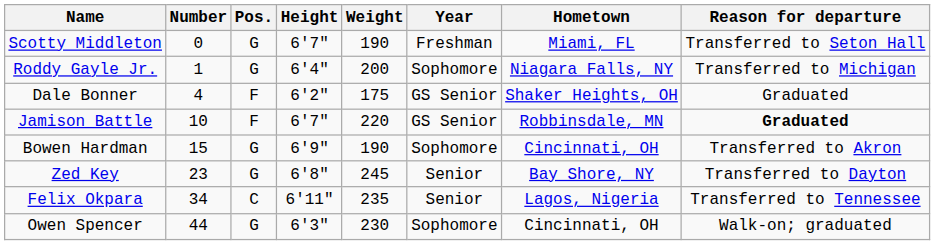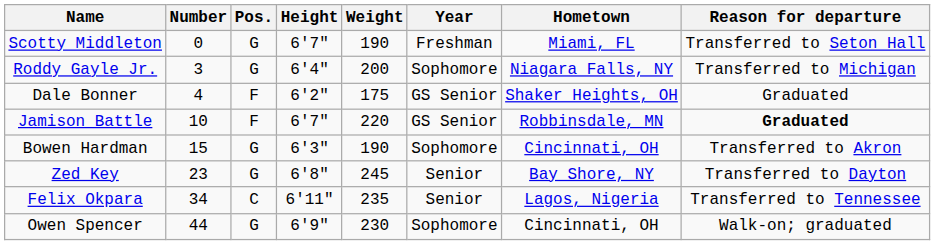 <table class="wikitable sortable sortable" style="text-align:center">
 <tr align=center>
 <th>Name</th>
 <th>Number</th>
 <th>Pos.</th>
 <th>Height</th>
 <th>Weight</th>
 <th>Year</th>
 <th>Hometown</th>
 <th class="unsortable">Reason for departure</th>
 </tr>
 <tr>
 <td><a href='#'>Scotty Middleton</a></td>
 <td>0</td>
 <td>G</td>
 <td>6'7"</td>
 <td>190</td>
 <td>Freshman</td>
 <td><a href='#'>Miami, FL</a></td>
 <td>Transferred to <a href='#'>Seton Hall</a></td>
 </tr>
 <tr>
 <td><a href='#'>Roddy Gayle Jr.</a></td>
-<td>1</td>
+<td>3</td>
 <td>G</td>
 <td>6'4"</td>
 <td>200</td>
 <td>Sophomore</td>
 <td><a href='#'>Niagara Falls, NY</a></td>
 <td>Transferred to <a href='#'>Michigan</a></td>
 </tr>
 <tr>
 <td>Dale Bonner</td>
 <td>4</td>
 <td>F</td>
 <td>6'2"</td>
 <td>175</td>
 <td>GS Senior</td>
 <td><a href='#'>Shaker Heights, OH</a></td>
 <td>Graduated</td>
 </tr>
 <tr>
 <td><a href='#'>Jamison Battle</a></td>
 <td>10</td>
 <td>F</td>
 <td>6'7"</td>
 <td>220</td>
 <td>GS Senior</td>
 <td><a href='#'>Robbinsdale, MN</a></td>
 <td><strong>Graduated</strong></td>
 </tr>
 <tr>
 <td>Bowen Hardman</td>
 <td>15</td>
 <td>G</td>
-<td>6'9"</td>
+<td>6'3"</td>
 <td>190</td>
 <td>Sophomore</td>
 <td><a href='#'>Cincinnati, OH</a></td>
 <td>Transferred to <a href='#'>Akron</a></td>
 </tr>
 <tr>
 <td><a href='#'>Zed Key</a></td>
 <td>23</td>
 <td>G</td>
 <td>6'8"</td>
 <td>245</td>
 <td>Senior</td>
 <td><a href='#'>Bay Shore, NY</a></td>
 <td>Transferred to <a href='#'>Dayton</a></td>
 </tr>
 <tr>
 <td><a href='#'>Felix Okpara</a></td>
 <td>34</td>
 <td>C</td>
 <td>6'11"</td>
 <td>235</td>
 <td>Senior</td>
 <td><a href='#'>Lagos, Nigeria</a></td>
 <td>Transferred to <a href='#'>Tennessee</a></td>
 </tr>
 <tr>
 <td>Owen Spencer</td>
 <td>44</td>
 <td>G</td>
-<td>6'3"</td>
+<td>6'9"</td>
 <td>230</td>
 <td>Sophomore</td>
 <td>Cincinnati, OH</td>
 <td>Walk-on; graduated</td>
 </tr>
 </table>
